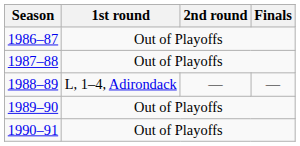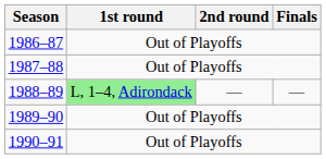 <table class="wikitable" style="text-align:center">
 <tr>
 <th>Season</th>
 <th>1st round</th>
 <th>2nd round</th>
 <th>Finals</th>
 </tr>
 <tr>
 <td><a href='#'>1986–87</a></td>
 <td colspan="3">Out of Playoffs</td>
 </tr>
 <tr>
 <td><a href='#'>1987–88</a></td>
 <td colspan="3">Out of Playoffs</td>
 </tr>
 <tr>
 <td><a href='#'>1988–89</a></td>
-<td>L, 1–4, <a href='#'>Adirondack</a></td>
+<td style="background: lightgreen;">L, 1–4, <a href='#'>Adirondack</a></td>
 <td>—</td>
 <td>—</td>
 </tr>
 <tr>
 <td><a href='#'>1989–90</a></td>
 <td colspan="3">Out of Playoffs</td>
 </tr>
 <tr>
 <td><a href='#'>1990–91</a></td>
 <td colspan="3">Out of Playoffs</td>
 </tr>
 </table>
